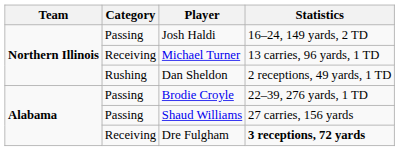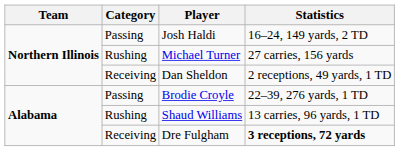 <table class="wikitable" style="float: right;">
 <tr>
 <th>Team</th>
 <th>Category</th>
 <th>Player</th>
 <th>Statistics</th>
 </tr>
 <tr>
 <td rowspan=3><strong>Northern Illinois</strong></td>
 <td>Passing</td>
 <td>Josh Haldi</td>
 <td>16–24, 149 yards, 2 TD</td>
 </tr>
 <tr>
-<td>Receiving</td>
+<td>Rushing</td>
 <td><a href='#'>Michael Turner</a></td>
-<td>13 carries, 96 yards, 1 TD</td>
+<td>27 carries, 156 yards</td>
 </tr>
 <tr>
-<td>Rushing</td>
+<td>Receiving</td>
 <td>Dan Sheldon</td>
 <td>2 receptions, 49 yards, 1 TD</td>
 </tr>
 <tr>
 <td rowspan=3><strong>Alabama</strong></td>
 <td>Passing</td>
 <td><a href='#'>Brodie Croyle</a></td>
 <td>22–39, 276 yards, 1 TD</td>
 </tr>
 <tr>
-<td>Passing</td>
+<td>Rushing</td>
 <td><a href='#'>Shaud Williams</a></td>
-<td>27 carries, 156 yards</td>
+<td>13 carries, 96 yards, 1 TD</td>
 </tr>
 <tr>
 <td>Receiving</td>
 <td>Dre Fulgham</td>
 <td><strong>3 receptions, 72 yards</strong></td>
 </tr>
 </table>
